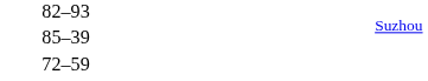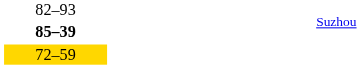 <table style="text-align:center">
 <tr>
 <th width=200></th>
 <th width=100></th>
 <th width=200></th>
 <th></th>
 </tr>
 <tr>
 <td align=right></td>
 <td>82–93</td>
 <td align=left><strong></strong></td>
 <td align=left rowspan=2><small><a href='#'>Suzhou</a></small></td>
 </tr>
 <tr>
 <td align=right><strong></strong></td>
-<td>85–39</td>
+<td><strong>85–39</strong></td>
 <td align=left></td>
 </tr>
 <tr>
 <td align=right><strong></strong></td>
-<td>72–59</td>
+<td style="background: gold;">72–59</td>
 <td align=left></td>
 </tr>
 </table>
